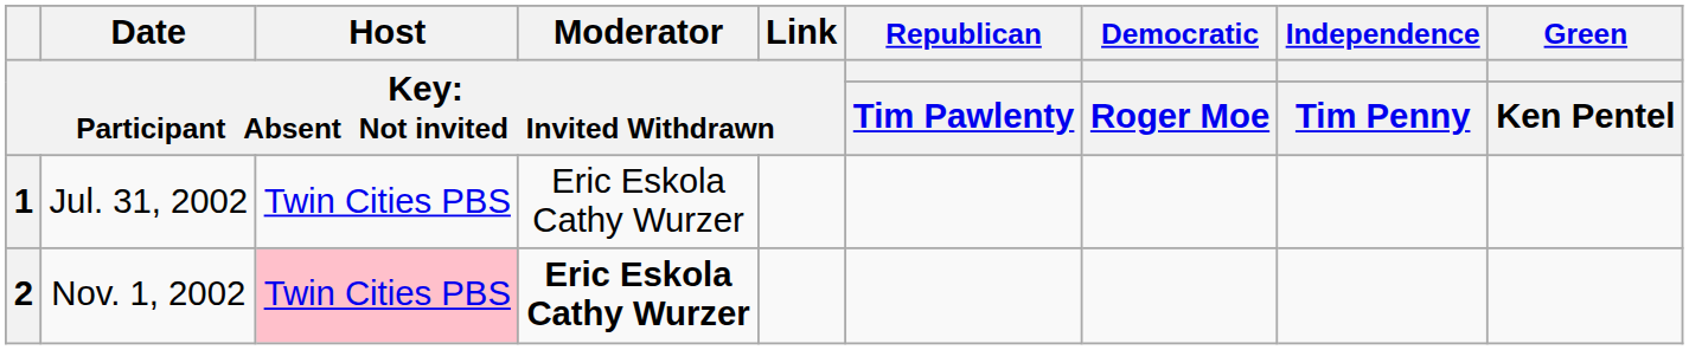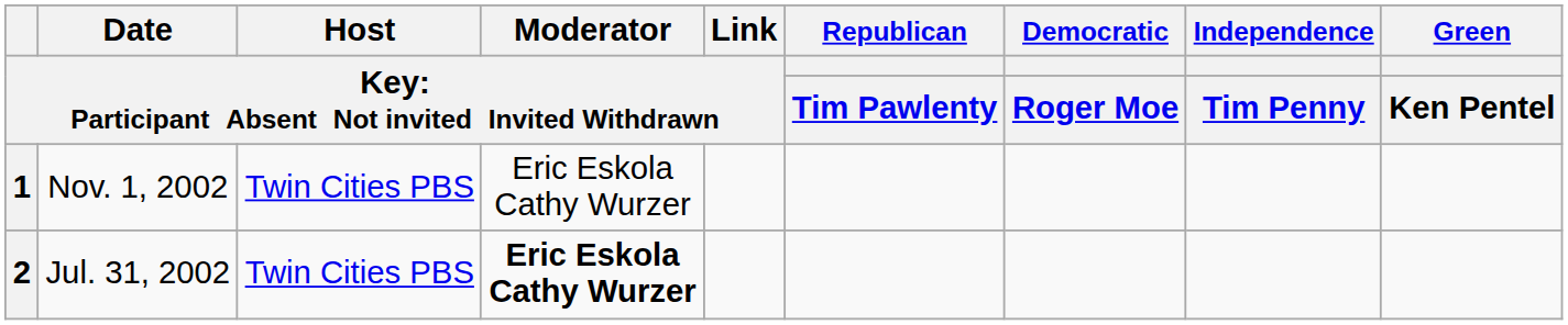 <table class="wikitable" style="text-align:center;">
 <tr>
 <th scope="col"></th>
 <th scope="col">Date</th>
 <th scope="col">Host</th>
 <th scope="col">Moderator</th>
 <th scope="col">Link</th>
 <th scope="col"><small><a href='#'>Republican</a></small></th>
 <th scope="col"><small><a href='#'>Democratic</a></small></th>
 <th scope="col"><small><a href='#'>Independence</a></small></th>
 <th scope="col"><small><a href='#'>Green</a></small></th>
 </tr>
 <tr>
 <th colspan="5" rowspan="2">Key:<br> <small>Participant </small>  <small>Absent </small>  <small>Not invited </small>  <small>Invited  Withdrawn</small></th>
 <th scope="col" style="background:"></th>
 <th scope="col" style="background:"></th>
 <th scope="col" style="background:"></th>
 <th scope="col" style="background:"></th>
 </tr>
 <tr>
 <th scope="col"><a href='#'>Tim Pawlenty</a></th>
 <th scope="col"><a href='#'>Roger Moe</a></th>
 <th scope="col"><a href='#'>Tim Penny</a></th>
 <th scope="col">Ken Pentel</th>
 </tr>
 <tr>
 <th>1</th>
-<td style="white-space:nowrap;">Jul. 31, 2002</td>
+<td style="white-space:nowrap;">Nov. 1, 2002</td>
 <td style="white-space:nowrap;"><a href='#'>Twin Cities PBS</a></td>
 <td style="white-space:nowrap;">Eric Eskola<br>Cathy Wurzer</td>
 <td style="white-space:nowrap;"></td>
 <td></td>
 <td></td>
 <td></td>
 <td></td>
 </tr>
 <tr>
 <th>2</th>
-<td style="white-space:nowrap;">Nov. 1, 2002</td>
-<td style="background: pink; white-space:nowrap;"><a href='#'>Twin Cities PBS</a></td>
+<td style="white-space:nowrap;">Jul. 31, 2002</td>
+<td style="white-space:nowrap;"><a href='#'>Twin Cities PBS</a></td>
 <td style="white-space:nowrap;"><strong>Eric Eskola<br>Cathy Wurzer</strong></td>
 <td style="white-space:nowrap;"></td>
 <td></td>
 <td></td>
 <td></td>
 <td></td>
 </tr>
 </table>
